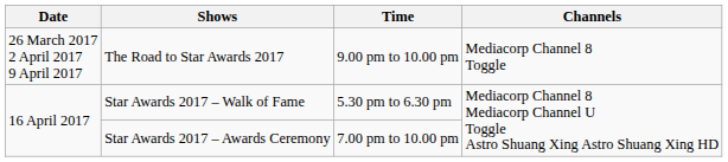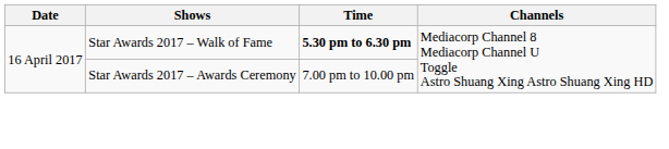 <table class="wikitable">
 <tr>
 <th>Date</th>
 <th>Shows</th>
 <th>Time</th>
 <th>Channels</th>
 </tr>
 <tr>
-<td>26 March 2017<br>2 April 2017<br>9 April 2017</td>
-<td>The Road to Star Awards 2017</td>
-<td>9.00 pm to 10.00 pm</td>
-<td>Mediacorp Channel 8<br>Toggle</td>
-</tr>
-<tr>
 <td rowspan=2>16 April 2017</td>
 <td>Star Awards 2017 – Walk of Fame</td>
-<td>5.30 pm to 6.30 pm</td>
+<td><strong>5.30 pm to 6.30 pm</strong></td>
 <td rowspan=2>Mediacorp Channel 8 <br>Mediacorp Channel U<br>Toggle<br>Astro Shuang Xing  Astro Shuang Xing HD</td>
 </tr>
 <tr>
 <td>Star Awards 2017 – Awards Ceremony</td>
 <td>7.00 pm to 10.00 pm</td>
 </tr>
 </table>
